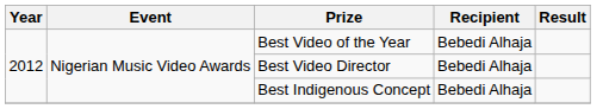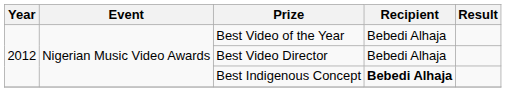 <table class ="wikitable">
 <tr>
 <th>Year</th>
 <th>Event</th>
 <th>Prize</th>
 <th>Recipient</th>
 <th>Result</th>
 </tr>
 <tr>
 <td rowspan="3">2012</td>
 <td rowspan="3">Nigerian Music Video Awards</td>
 <td>Best Video of the Year</td>
 <td>Bebedi Alhaja</td>
 <td></td>
 </tr>
 <tr>
 <td>Best Video Director</td>
 <td>Bebedi Alhaja</td>
 <td></td>
 </tr>
 <tr>
 <td>Best Indigenous Concept</td>
-<td>Bebedi Alhaja</td>
+<td><strong>Bebedi Alhaja</strong></td>
 <td></td>
 </tr>
 <tr>
 </tr>
 </table>
